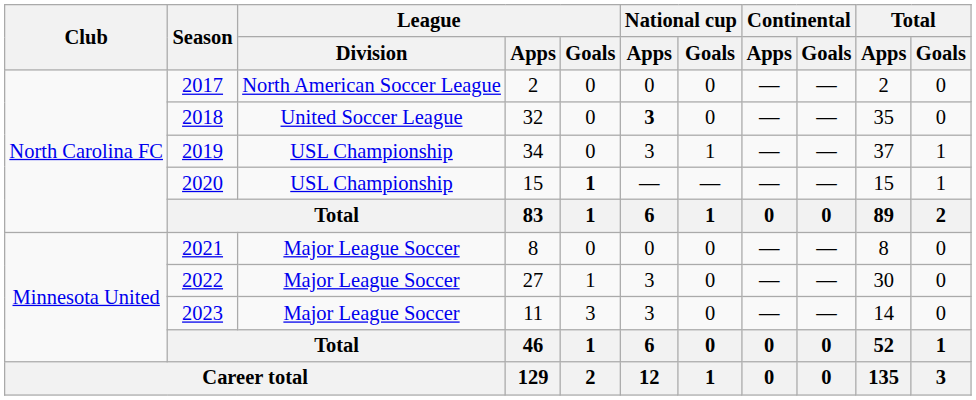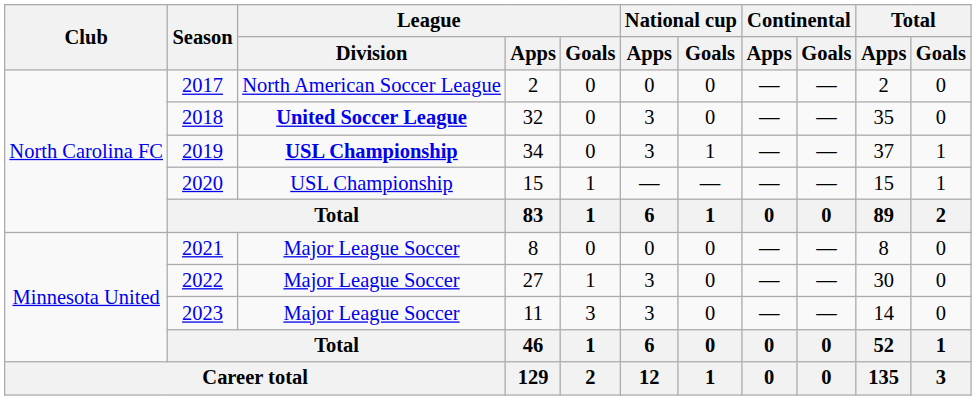 <table class=wikitable style=text-align:center>
 <tr>
 <th rowspan=2>Club</th>
 <th rowspan=2>Season</th>
 <th colspan=3>League</th>
 <th colspan=2>National cup</th>
 <th colspan=2>Continental</th>
 <th colspan=2>Total</th>
 </tr>
 <tr>
 <th>Division</th>
 <th>Apps</th>
 <th>Goals</th>
 <th>Apps</th>
 <th>Goals</th>
 <th>Apps</th>
 <th>Goals</th>
 <th>Apps</th>
 <th>Goals</th>
 </tr>
 <tr>
 <td rowspan=5><a href='#'>North Carolina FC</a></td>
 <td><a href='#'>2017</a></td>
 <td><a href='#'>North American Soccer League</a></td>
 <td>2</td>
 <td>0</td>
 <td>0</td>
 <td>0</td>
 <td>—</td>
 <td>—</td>
 <td>2</td>
 <td>0</td>
 </tr>
 <tr>
 <td><a href='#'>2018</a></td>
-<td><a href='#'>United Soccer League</a></td>
+<td><strong><a href='#'>United Soccer League</a></strong></td>
 <td>32</td>
 <td>0</td>
-<td><strong>3</strong></td>
+<td>3</td>
 <td>0</td>
 <td>—</td>
 <td>—</td>
 <td>35</td>
 <td>0</td>
 </tr>
 <tr>
 <td><a href='#'>2019</a></td>
-<td><a href='#'>USL Championship</a></td>
+<td><strong><a href='#'>USL Championship</a></strong></td>
 <td>34</td>
 <td>0</td>
 <td>3</td>
 <td>1</td>
 <td>—</td>
 <td>—</td>
 <td>37</td>
 <td>1</td>
 </tr>
 <tr>
 <td><a href='#'>2020</a></td>
 <td><a href='#'>USL Championship</a></td>
 <td>15</td>
-<td><strong>1</strong></td>
+<td>1</td>
 <td>—</td>
 <td>—</td>
 <td>—</td>
 <td>—</td>
 <td>15</td>
 <td>1</td>
 </tr>
 <tr>
 <th colspan=2>Total</th>
 <th>83</th>
 <th>1</th>
 <th>6</th>
 <th>1</th>
 <th>0</th>
 <th>0</th>
 <th>89</th>
 <th>2</th>
 </tr>
 <tr>
 <td rowspan=4><a href='#'>Minnesota United</a></td>
 <td><a href='#'>2021</a></td>
 <td><a href='#'>Major League Soccer</a></td>
 <td>8</td>
 <td>0</td>
 <td>0</td>
 <td>0</td>
 <td>—</td>
 <td>—</td>
 <td>8</td>
 <td>0</td>
 </tr>
 <tr>
 <td><a href='#'>2022</a></td>
 <td><a href='#'>Major League Soccer</a></td>
 <td>27</td>
 <td>1</td>
 <td>3</td>
 <td>0</td>
 <td>—</td>
 <td>—</td>
 <td>30</td>
 <td>0</td>
 </tr>
 <tr>
 <td><a href='#'>2023</a></td>
 <td><a href='#'>Major League Soccer</a></td>
 <td>11</td>
 <td>3</td>
 <td>3</td>
 <td>0</td>
 <td>—</td>
 <td>—</td>
 <td>14</td>
 <td>0</td>
 </tr>
 <tr>
 <th colspan=2>Total</th>
 <th>46</th>
 <th>1</th>
 <th>6</th>
 <th>0</th>
 <th>0</th>
 <th>0</th>
 <th>52</th>
 <th>1</th>
 </tr>
 <tr>
 <th colspan=3>Career total</th>
 <th>129</th>
 <th>2</th>
 <th>12</th>
 <th>1</th>
 <th>0</th>
 <th>0</th>
 <th>135</th>
 <th>3</th>
 </tr>
 </table>
